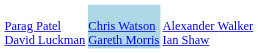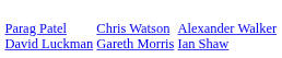 <table>
 <tr>
 <td></td>
 <td></td>
 <td></td>
 <td></td>
 </tr>
 <tr>
 <td></td>
 <td><br><a href='#'>Parag Patel</a><br><a href='#'>David Luckman</a></td>
-<td style="background: lightblue;"><br><a href='#'>Chris Watson</a><br><a href='#'>Gareth Morris</a></td>
+<td><br><a href='#'>Chris Watson</a><br><a href='#'>Gareth Morris</a></td>
 <td><br><a href='#'>Alexander Walker</a><br><a href='#'>Ian Shaw</a></td>
 </tr>
 </table>
